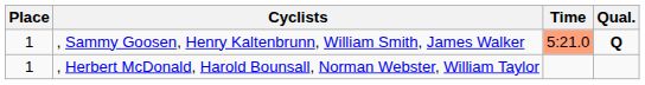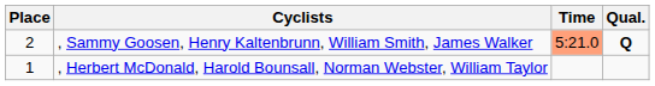 <table class=wikitable style="text-align:center">
 <tr>
 <th>Place</th>
 <th>Cyclists</th>
 <th>Time</th>
 <th>Qual.</th>
 </tr>
 <tr>
-<td>1</td>
+<td>2</td>
 <td align=left>, <a href='#'>Sammy Goosen</a>, <a href='#'>Henry Kaltenbrunn</a>, <a href='#'>William Smith</a>, <a href='#'>James Walker</a></td>
 <td style="background: lightsalmon;">5:21.0</td>
 <td><strong>Q</strong></td>
 </tr>
 <tr>
 <td>1</td>
 <td align=left>, <a href='#'>Herbert McDonald</a>, <a href='#'>Harold Bounsall</a>, <a href='#'>Norman Webster</a>, <a href='#'>William Taylor</a></td>
 <td></td>
 <td></td>
 </tr>
 </table>
